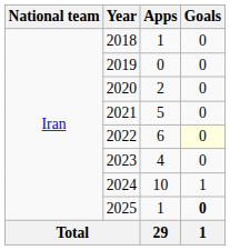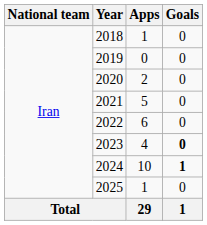 <table class="wikitable" style="text-align:center">
 <tr>
 <th>National team</th>
 <th>Year</th>
 <th>Apps</th>
 <th>Goals</th>
 </tr>
 <tr>
 <td rowspan="8"><a href='#'>Iran</a></td>
 <td>2018</td>
 <td>1</td>
 <td>0</td>
 </tr>
 <tr>
 <td>2019</td>
 <td>0</td>
 <td>0</td>
 </tr>
 <tr>
 <td>2020</td>
 <td>2</td>
 <td>0</td>
 </tr>
 <tr>
 <td>2021</td>
 <td>5</td>
 <td>0</td>
 </tr>
 <tr>
 <td>2022</td>
 <td>6</td>
-<td style="background: lightyellow;">0</td>
+<td>0</td>
 </tr>
 <tr>
 <td>2023</td>
 <td>4</td>
-<td>0</td>
+<td><strong>0</strong></td>
 </tr>
 <tr>
 <td>2024</td>
 <td>10</td>
-<td>1</td>
+<td><strong>1</strong></td>
 </tr>
 <tr>
 <td>2025</td>
 <td>1</td>
-<td><strong>0</strong></td>
+<td>0</td>
 </tr>
 <tr>
 <th colspan="2">Total</th>
 <th>29</th>
 <th>1</th>
 </tr>
 </table>
